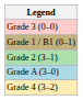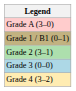 <table class="wikitable" style="font-size:85%;">
 <tr>
 <th>Legend</th>
 </tr>
 <tr bgcolor="ffcccc">
-<td>Grade 3 (0–0)</td>
+<td>Grade A (3–0)</td>
 </tr>
 <tr bgcolor="C2B280">
 <td>Grade 1 / B1 (0–1)</td>
 </tr>
 <tr bgcolor="ADDFAD">
 <td>Grade 2 (3–1)</td>
 </tr>
 <tr bgcolor="lightblue">
-<td>Grade A (3–0)</td>
+<td>Grade 3 (0–0)</td>
 </tr>
 <tr bgcolor="ffecb2">
 <td>Grade 4 (3–2)</td>
 </tr>
 </table>
